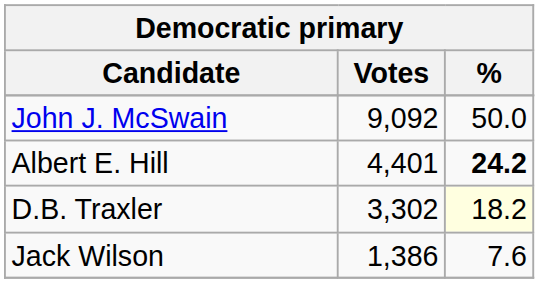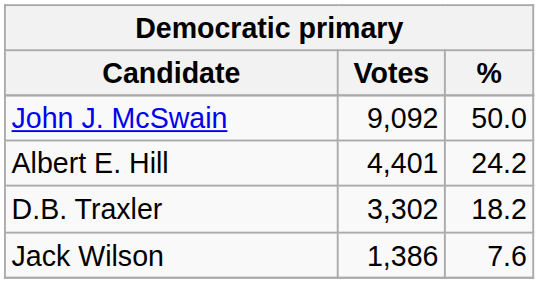 <table class="wikitable" align="left" style="margin: 1em 1em 1em 0; font-size: 95%;">
 <tr>
 <th colspan="3">Democratic primary</th>
 </tr>
 <tr>
 <th colspan="1" style="width: 170px">Candidate</th>
 <th style="width: 50px">Votes</th>
 <th style="width: 40px">%</th>
 </tr>
 <tr>
 </tr>
 <tr>
 <td><a href='#'>John J. McSwain</a></td>
 <td align="right">9,092</td>
 <td align="right">50.0</td>
 </tr>
 <tr>
 <td>Albert E. Hill</td>
 <td align="right">4,401</td>
-<td align="right"><strong>24.2</strong></td>
+<td align="right">24.2</td>
 </tr>
 <tr>
 <td>D.B. Traxler</td>
 <td align="right">3,302</td>
-<td align="right" style="background: lightyellow;">18.2</td>
+<td align="right">18.2</td>
 </tr>
 <tr>
 <td>Jack Wilson</td>
 <td align="right">1,386</td>
 <td align="right">7.6</td>
 </tr>
 <tr>
 </tr>
 </table>
